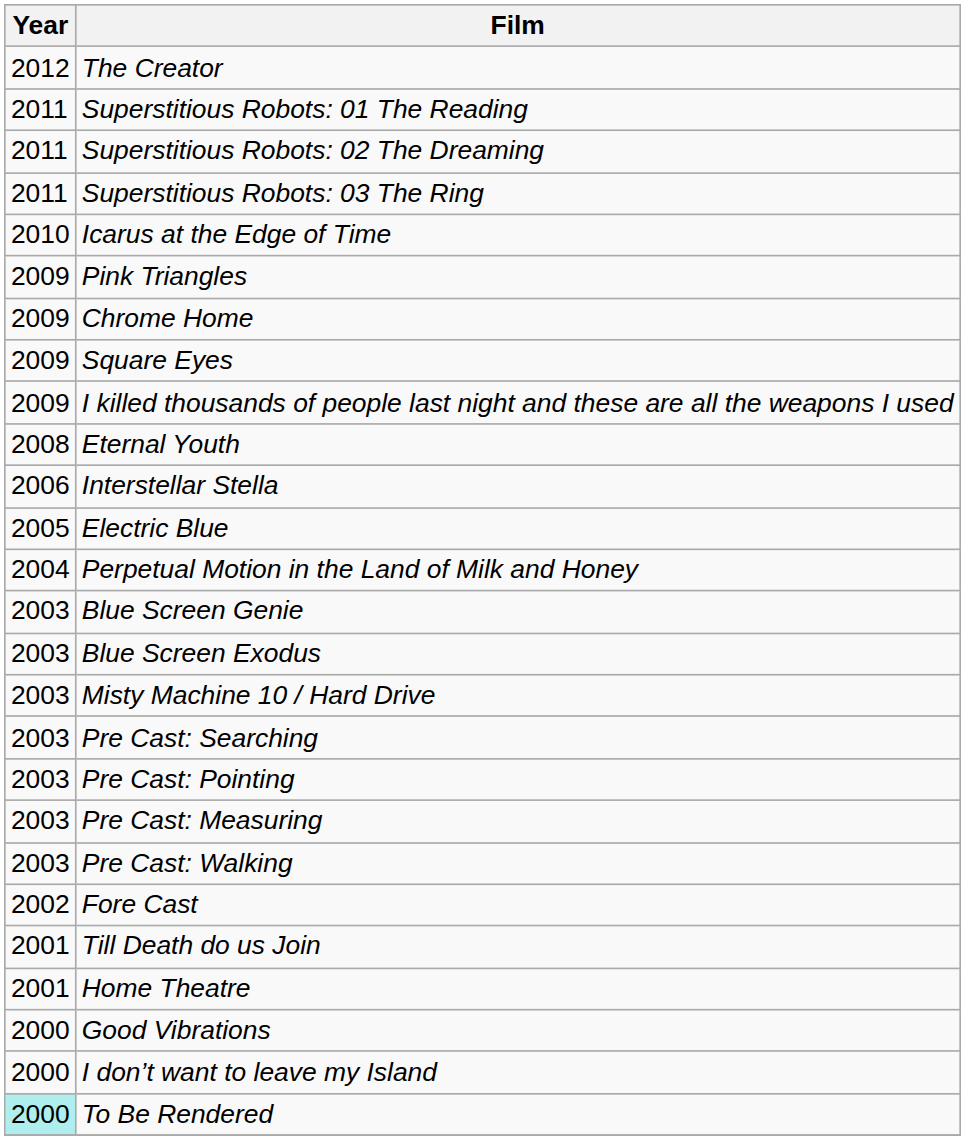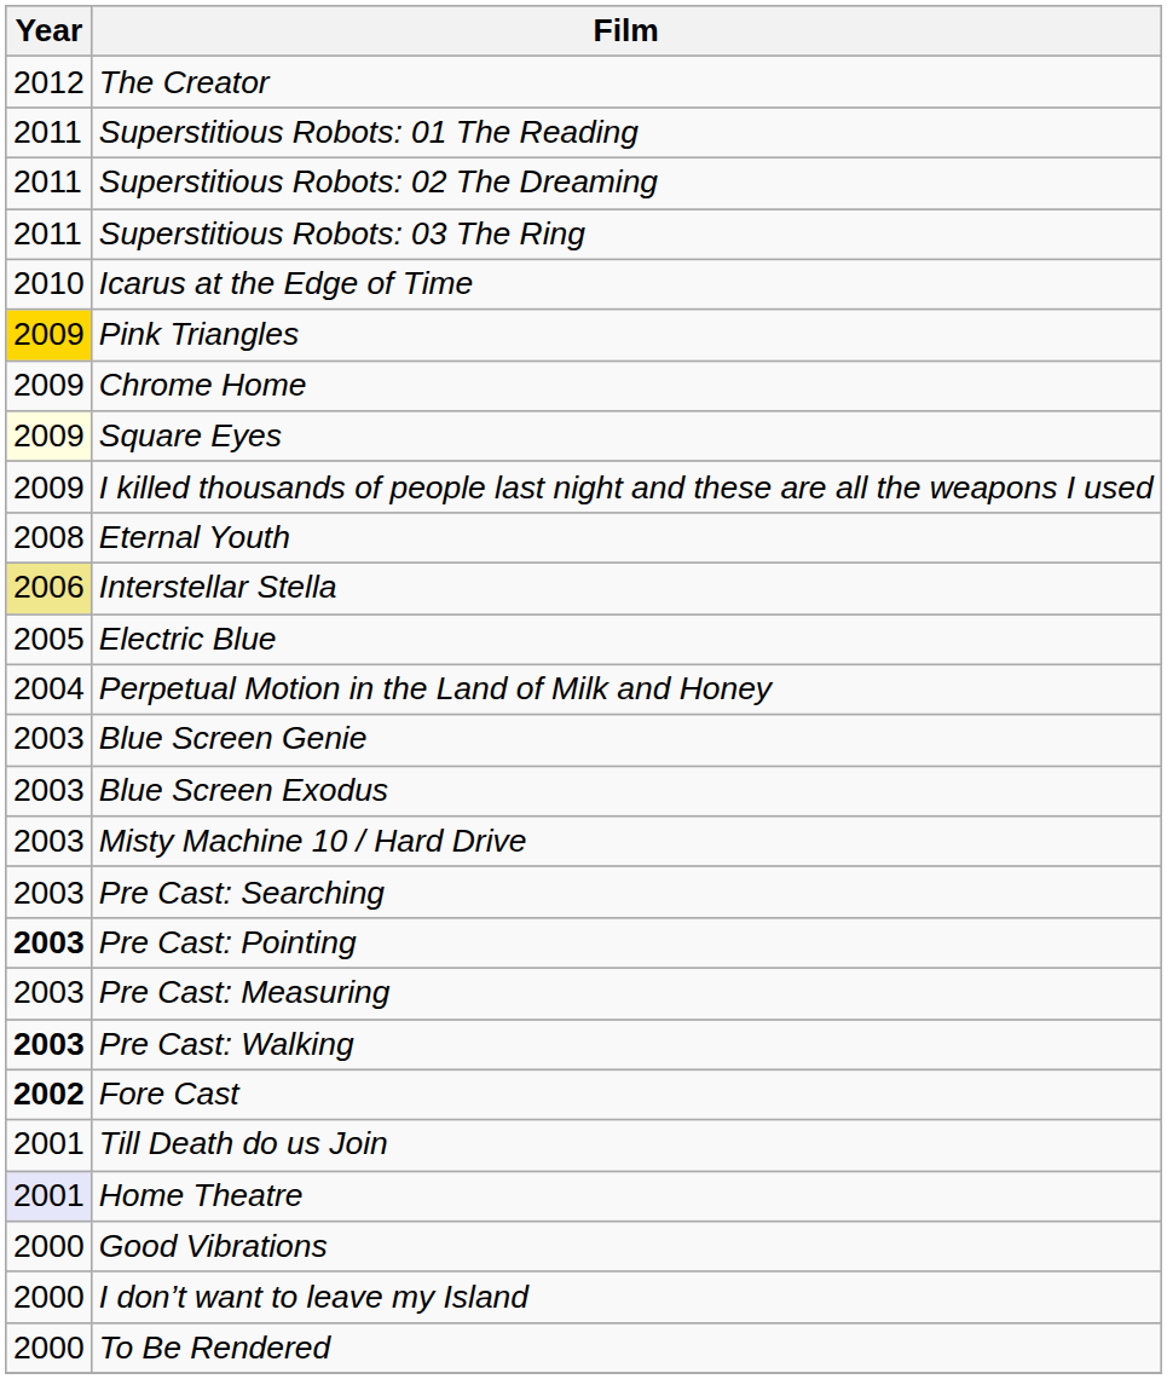 <table class="wikitable">
 <tr>
 <th>Year</th>
 <th>Film</th>
 </tr>
 <tr>
 <td>2012</td>
 <td><em>The Creator</em></td>
 </tr>
 <tr>
 <td>2011</td>
 <td><em>Superstitious Robots: 01 The Reading</em></td>
 </tr>
 <tr>
 <td>2011</td>
 <td><em>Superstitious Robots: 02 The Dreaming</em></td>
 </tr>
 <tr>
 <td>2011</td>
 <td><em>Superstitious Robots: 03 The Ring</em></td>
 </tr>
 <tr>
 <td>2010</td>
 <td><em>Icarus at the Edge of Time</em></td>
 </tr>
 <tr>
-<td>2009</td>
+<td style="background: gold;">2009</td>
 <td><em>Pink Triangles</em></td>
 </tr>
 <tr>
 <td>2009</td>
 <td><em>Chrome Home</em></td>
 </tr>
 <tr>
-<td>2009</td>
+<td style="background: lightyellow;">2009</td>
 <td><em>Square Eyes</em></td>
 </tr>
 <tr>
 <td>2009</td>
 <td><em>I killed thousands of people last night and these are all the weapons I used</em></td>
 </tr>
 <tr>
 <td>2008</td>
 <td><em>Eternal Youth</em></td>
 </tr>
 <tr>
-<td>2006</td>
+<td style="background: khaki;">2006</td>
 <td><em>Interstellar Stella</em></td>
 </tr>
 <tr>
 <td>2005</td>
 <td><em>Electric Blue</em></td>
 </tr>
 <tr>
 <td>2004</td>
 <td><em>Perpetual Motion in the Land of Milk and Honey</em></td>
 </tr>
 <tr>
 <td>2003</td>
 <td><em>Blue Screen Genie</em></td>
 </tr>
 <tr>
 <td>2003</td>
 <td><em>Blue Screen Exodus</em></td>
 </tr>
 <tr>
 <td>2003</td>
 <td><em>Misty Machine 10 / Hard Drive</em></td>
 </tr>
 <tr>
 <td>2003</td>
 <td><em>Pre Cast: Searching</em></td>
 </tr>
 <tr>
-<td>2003</td>
+<td><strong>2003</strong></td>
 <td><em>Pre Cast: Pointing</em></td>
 </tr>
 <tr>
 <td>2003</td>
 <td><em>Pre Cast: Measuring</em></td>
 </tr>
 <tr>
-<td>2003</td>
+<td><strong>2003</strong></td>
 <td><em>Pre Cast: Walking</em></td>
 </tr>
 <tr>
-<td>2002</td>
+<td><strong>2002</strong></td>
 <td><em>Fore Cast</em></td>
 </tr>
 <tr>
 <td>2001</td>
 <td><em>Till Death do us Join</em></td>
 </tr>
 <tr>
-<td>2001</td>
+<td style="background: lavender;">2001</td>
 <td><em>Home Theatre</em></td>
 </tr>
 <tr>
 <td>2000</td>
 <td><em>Good Vibrations</em></td>
 </tr>
 <tr>
 <td>2000</td>
 <td><em>I don’t want to leave my Island</em></td>
 </tr>
 <tr>
-<td style="background: paleturquoise;">2000</td>
+<td>2000</td>
 <td><em>To Be Rendered</em></td>
 </tr>
 <tr>
 </tr>
 </table>
